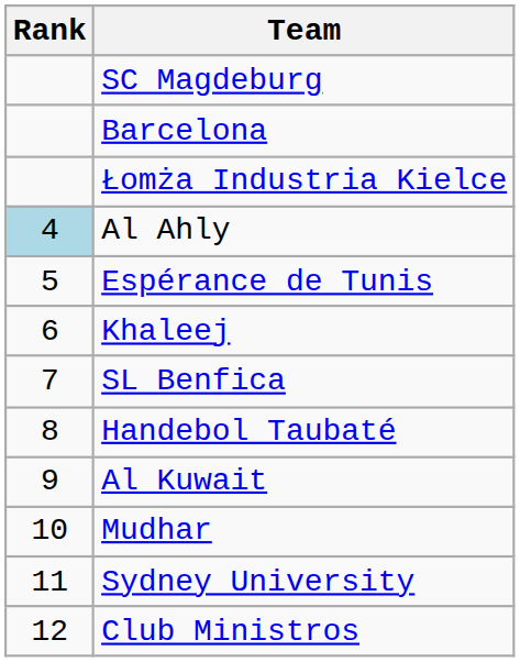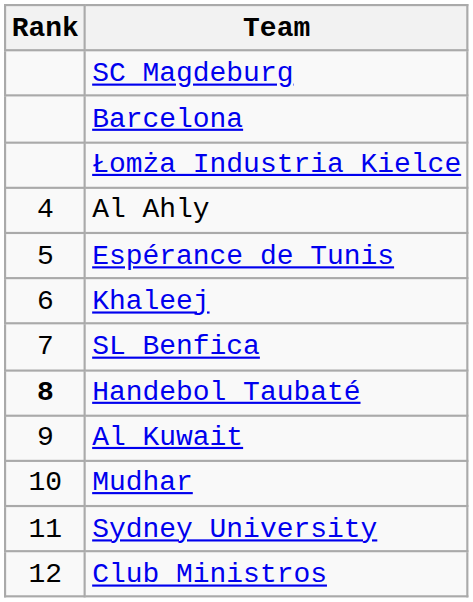 <table class="wikitable">
 <tr>
 <th>Rank</th>
 <th>Team</th>
 </tr>
 <tr style="background=gold">
 <td align=center></td>
 <td> <a href='#'>SC Magdeburg</a></td>
 </tr>
 <tr style="background=silver">
 <td align=center></td>
 <td> <a href='#'>Barcelona</a></td>
 </tr>
 <tr style="background=#c96">
 <td align=center></td>
 <td> <a href='#'>Łomża Industria Kielce</a></td>
 </tr>
 <tr>
-<td align=center style="background: lightblue;">4</td>
+<td align=center>4</td>
 <td> Al Ahly</td>
 </tr>
 <tr>
 <td align=center>5</td>
 <td> <a href='#'>Espérance de Tunis</a></td>
 </tr>
 <tr>
 <td align=center>6</td>
 <td> <a href='#'>Khaleej</a></td>
 </tr>
 <tr>
 <td align=center>7</td>
 <td> <a href='#'>SL Benfica</a></td>
 </tr>
 <tr>
-<td align=center>8</td>
+<td align=center><strong>8</strong></td>
 <td> <a href='#'>Handebol Taubaté</a></td>
 </tr>
 <tr>
 <td align=center>9</td>
 <td> <a href='#'>Al Kuwait</a></td>
 </tr>
 <tr>
 <td align=center>10</td>
 <td> <a href='#'>Mudhar</a></td>
 </tr>
 <tr>
 <td align=center>11</td>
 <td> <a href='#'>Sydney University</a></td>
 </tr>
 <tr>
 <td align=center>12</td>
 <td> <a href='#'>Club Ministros</a></td>
 </tr>
 </table>
